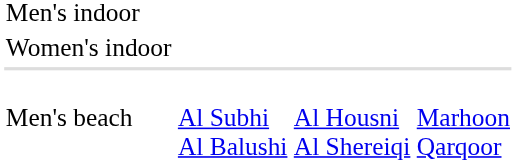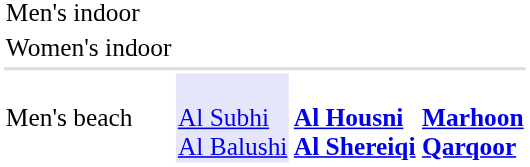 <table>
 <tr>
 <td>Men's indoor<br></td>
 <td></td>
 <td></td>
 <td></td>
 </tr>
 <tr>
 <td>Women's indoor<br></td>
 <td></td>
 <td></td>
 <td></td>
 </tr>
 <tr bgcolor=#DDDDDD>
 <td colspan=7></td>
 </tr>
 <tr>
 <td>Men's beach<br></td>
-<td><br><a href='#'>Al Subhi</a><br><a href='#'>Al Balushi</a></td>
-<td><br><a href='#'>Al Housni</a><br><a href='#'>Al Shereiqi</a></td>
-<td><br><a href='#'>Marhoon</a><br><a href='#'>Qarqoor</a></td>
+<td style="background: lavender;"><br><a href='#'>Al Subhi</a><br><a href='#'>Al Balushi</a></td>
+<td><strong><br><a href='#'>Al Housni</a><br><a href='#'>Al Shereiqi</a></strong></td>
+<td><strong><br><a href='#'>Marhoon</a><br><a href='#'>Qarqoor</a></strong></td>
 </tr>
 </table>
